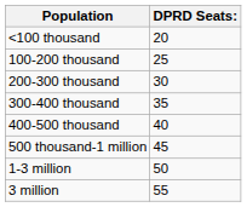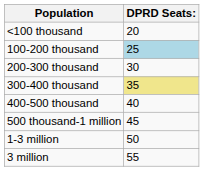 <table class="wikitable">
 <tr>
 <th>Population</th>
 <th>DPRD Seats:</th>
 </tr>
 <tr>
 <td><100 thousand</td>
 <td>20</td>
 </tr>
 <tr>
 <td>100-200 thousand</td>
-<td>25</td>
+<td style="background: lightblue;">25</td>
 </tr>
 <tr>
 <td>200-300 thousand</td>
 <td>30</td>
 </tr>
 <tr>
 <td>300-400 thousand</td>
-<td>35</td>
+<td style="background: khaki;">35</td>
 </tr>
 <tr>
 <td>400-500 thousand</td>
 <td>40</td>
 </tr>
 <tr>
 <td>500 thousand-1 million</td>
 <td>45</td>
 </tr>
 <tr>
 <td>1-3 million</td>
 <td>50</td>
 </tr>
 <tr>
 <td>3 million</td>
 <td>55</td>
 </tr>
 </table>
